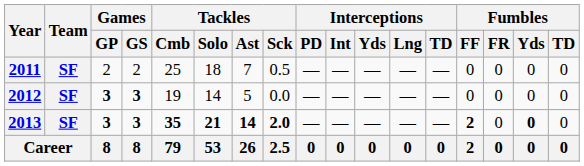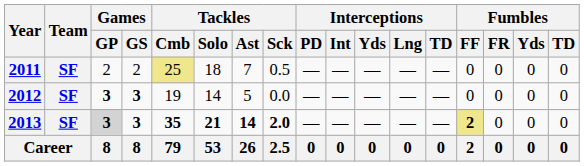 <table class="wikitable" style="text-align:center;">
 <tr>
 <th rowspan="2">Year</th>
 <th rowspan="2">Team</th>
 <th colspan="2">Games</th>
 <th colspan="4">Tackles</th>
 <th colspan="5">Interceptions</th>
 <th colspan="4">Fumbles</th>
 </tr>
 <tr>
 <th>GP</th>
 <th>GS</th>
 <th>Cmb</th>
 <th>Solo</th>
 <th>Ast</th>
 <th>Sck</th>
 <th>PD</th>
 <th>Int</th>
 <th>Yds</th>
 <th>Lng</th>
 <th>TD</th>
 <th>FF</th>
 <th>FR</th>
 <th>Yds</th>
 <th>TD</th>
 </tr>
 <tr>
 <th><a href='#'>2011</a></th>
 <th><a href='#'>SF</a></th>
 <td>2</td>
 <td>2</td>
-<td>25</td>
+<td style="background: khaki;">25</td>
 <td>18</td>
 <td>7</td>
 <td>0.5</td>
 <td>—</td>
 <td>—</td>
 <td>—</td>
 <td>—</td>
 <td>—</td>
 <td>0</td>
 <td>0</td>
 <td>0</td>
 <td>0</td>
 </tr>
 <tr>
 <th><a href='#'>2012</a></th>
 <th><a href='#'>SF</a></th>
 <td><strong>3</strong></td>
 <td><strong>3</strong></td>
 <td>19</td>
 <td>14</td>
 <td>5</td>
 <td>0.0</td>
 <td>—</td>
 <td>—</td>
 <td>—</td>
 <td>—</td>
 <td>—</td>
 <td>0</td>
 <td>0</td>
 <td>0</td>
 <td>0</td>
 </tr>
 <tr>
 <th><a href='#'>2013</a></th>
 <th><a href='#'>SF</a></th>
-<td><strong>3</strong></td>
+<td style="background: lightgrey;"><strong>3</strong></td>
 <td><strong>3</strong></td>
 <td><strong>35</strong></td>
 <td><strong>21</strong></td>
 <td><strong>14</strong></td>
 <td><strong>2.0</strong></td>
 <td>—</td>
 <td>—</td>
 <td>—</td>
 <td>—</td>
 <td>—</td>
-<td><strong>2</strong></td>
+<td style="background: khaki;"><strong>2</strong></td>
 <td>0</td>
-<td><strong>0</strong></td>
+<td>0</td>
 <td>0</td>
 </tr>
 <tr>
 <th colspan="2">Career</th>
 <th>8</th>
 <th>8</th>
 <th>79</th>
 <th>53</th>
 <th>26</th>
 <th>2.5</th>
 <th>0</th>
 <th>0</th>
 <th>0</th>
 <th>0</th>
 <th>0</th>
 <th>2</th>
 <th>0</th>
 <th>0</th>
 <th>0</th>
 </tr>
 </table>
